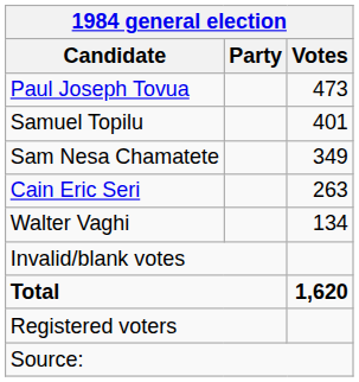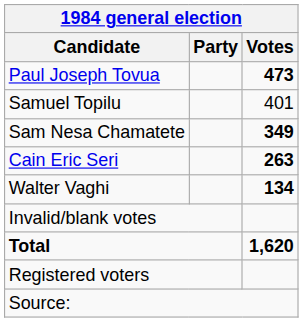 <table class=wikitable style=text-align:left>
 <tr>
 <th colspan=3><a href='#'>1984 general election</a></th>
 </tr>
 <tr>
 <th>Candidate</th>
 <th>Party</th>
 <th>Votes</th>
 </tr>
 <tr>
 <td><a href='#'>Paul Joseph Tovua</a></td>
 <td></td>
-<td align=right>473</td>
+<td align=right><strong>473</strong></td>
 </tr>
 <tr>
 <td>Samuel Topilu</td>
 <td></td>
 <td align=right>401</td>
 </tr>
 <tr>
 <td>Sam Nesa Chamatete</td>
 <td></td>
-<td align=right>349</td>
+<td align=right><strong>349</strong></td>
 </tr>
 <tr>
 <td><a href='#'>Cain Eric Seri</a></td>
 <td></td>
-<td align=right>263</td>
+<td align=right><strong>263</strong></td>
 </tr>
 <tr>
 <td>Walter Vaghi</td>
 <td></td>
-<td align=right>134</td>
+<td align=right><strong>134</strong></td>
 </tr>
 <tr>
 <td colspan=2>Invalid/blank votes</td>
 <td></td>
 </tr>
 <tr>
 <td colspan=2><strong>Total</strong></td>
 <td align=right><strong>1,620</strong></td>
 </tr>
 <tr>
 <td colspan=2>Registered voters</td>
 <td align=right></td>
 </tr>
 <tr>
 <td colspan=3>Source: </td>
 </tr>
 </table>
